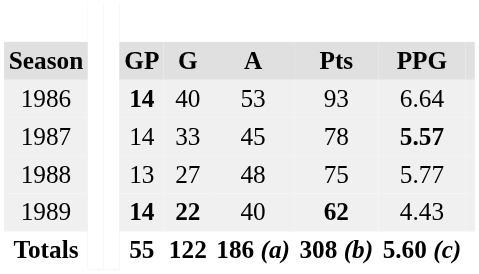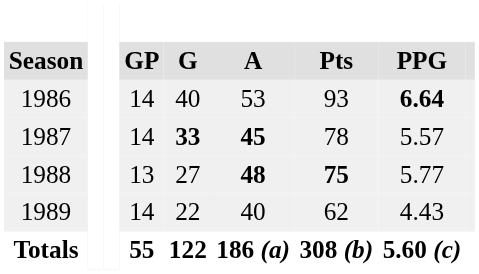 <table BORDER="0" CELLPADDING="3" CELLSPACING="0">
 <tr ALIGN="center" bgcolor="#e0e0e0">
 <th colspan="1" bgcolor="#ffffff"> </th>
 <th rowspan="99" bgcolor="#ffffff"> </th>
 <th rowspan="99" bgcolor="#ffffff"> </th>
 </tr>
 <tr ALIGN="center" bgcolor="#e0e0e0">
 <th>Season</th>
 <th>GP</th>
 <th>G</th>
 <th>A</th>
 <th>Pts</th>
 <th>PPG</th>
 <th></th>
 </tr>
 <tr ALIGN="center" bgcolor="#f0f0f0">
 <td>1986</td>
-<td><strong>14</strong></td>
+<td>14</td>
 <td>40</td>
 <td>53</td>
 <td>93</td>
-<td>6.64</td>
+<td><strong>6.64</strong></td>
 <td></td>
 </tr>
 <tr ALIGN="center">
 </tr>
 <tr ALIGN="center" bgcolor="#f0f0f0">
 <td>1987</td>
 <td>14</td>
-<td>33</td>
-<td>45</td>
+<td><strong>33</strong></td>
+<td><strong>45</strong></td>
 <td>78</td>
-<td><strong>5.57</strong></td>
+<td>5.57</td>
 <td></td>
 </tr>
 <tr ALIGN="center">
 </tr>
 <tr ALIGN="center" bgcolor="#f0f0f0">
 <td>1988</td>
 <td>13</td>
 <td>27</td>
-<td>48</td>
-<td>75</td>
+<td><strong>48</strong></td>
+<td><strong>75</strong></td>
 <td>5.77</td>
 <td></td>
 </tr>
 <tr ALIGN="center" bgcolor="#f0f0f0">
 <td>1989</td>
-<td><strong>14</strong></td>
-<td><strong>22</strong></td>
+<td>14</td>
+<td>22</td>
 <td>40</td>
-<td><strong>62</strong></td>
+<td>62</td>
 <td>4.43</td>
 <td></td>
 </tr>
 <tr ALIGN="center" bgcolor="#f0f0f0">
 </tr>
 <tr ALIGN="center">
 <th colspan="1.5">Totals</th>
 <th>55</th>
 <th>122</th>
 <th>186  <strong><em>(a)</em></strong></th>
 <th>308  <strong><em>(b)</em></strong></th>
 <th>5.60 <strong><em>(c)</em></strong></th>
 <th></th>
 </tr>
 </table>
